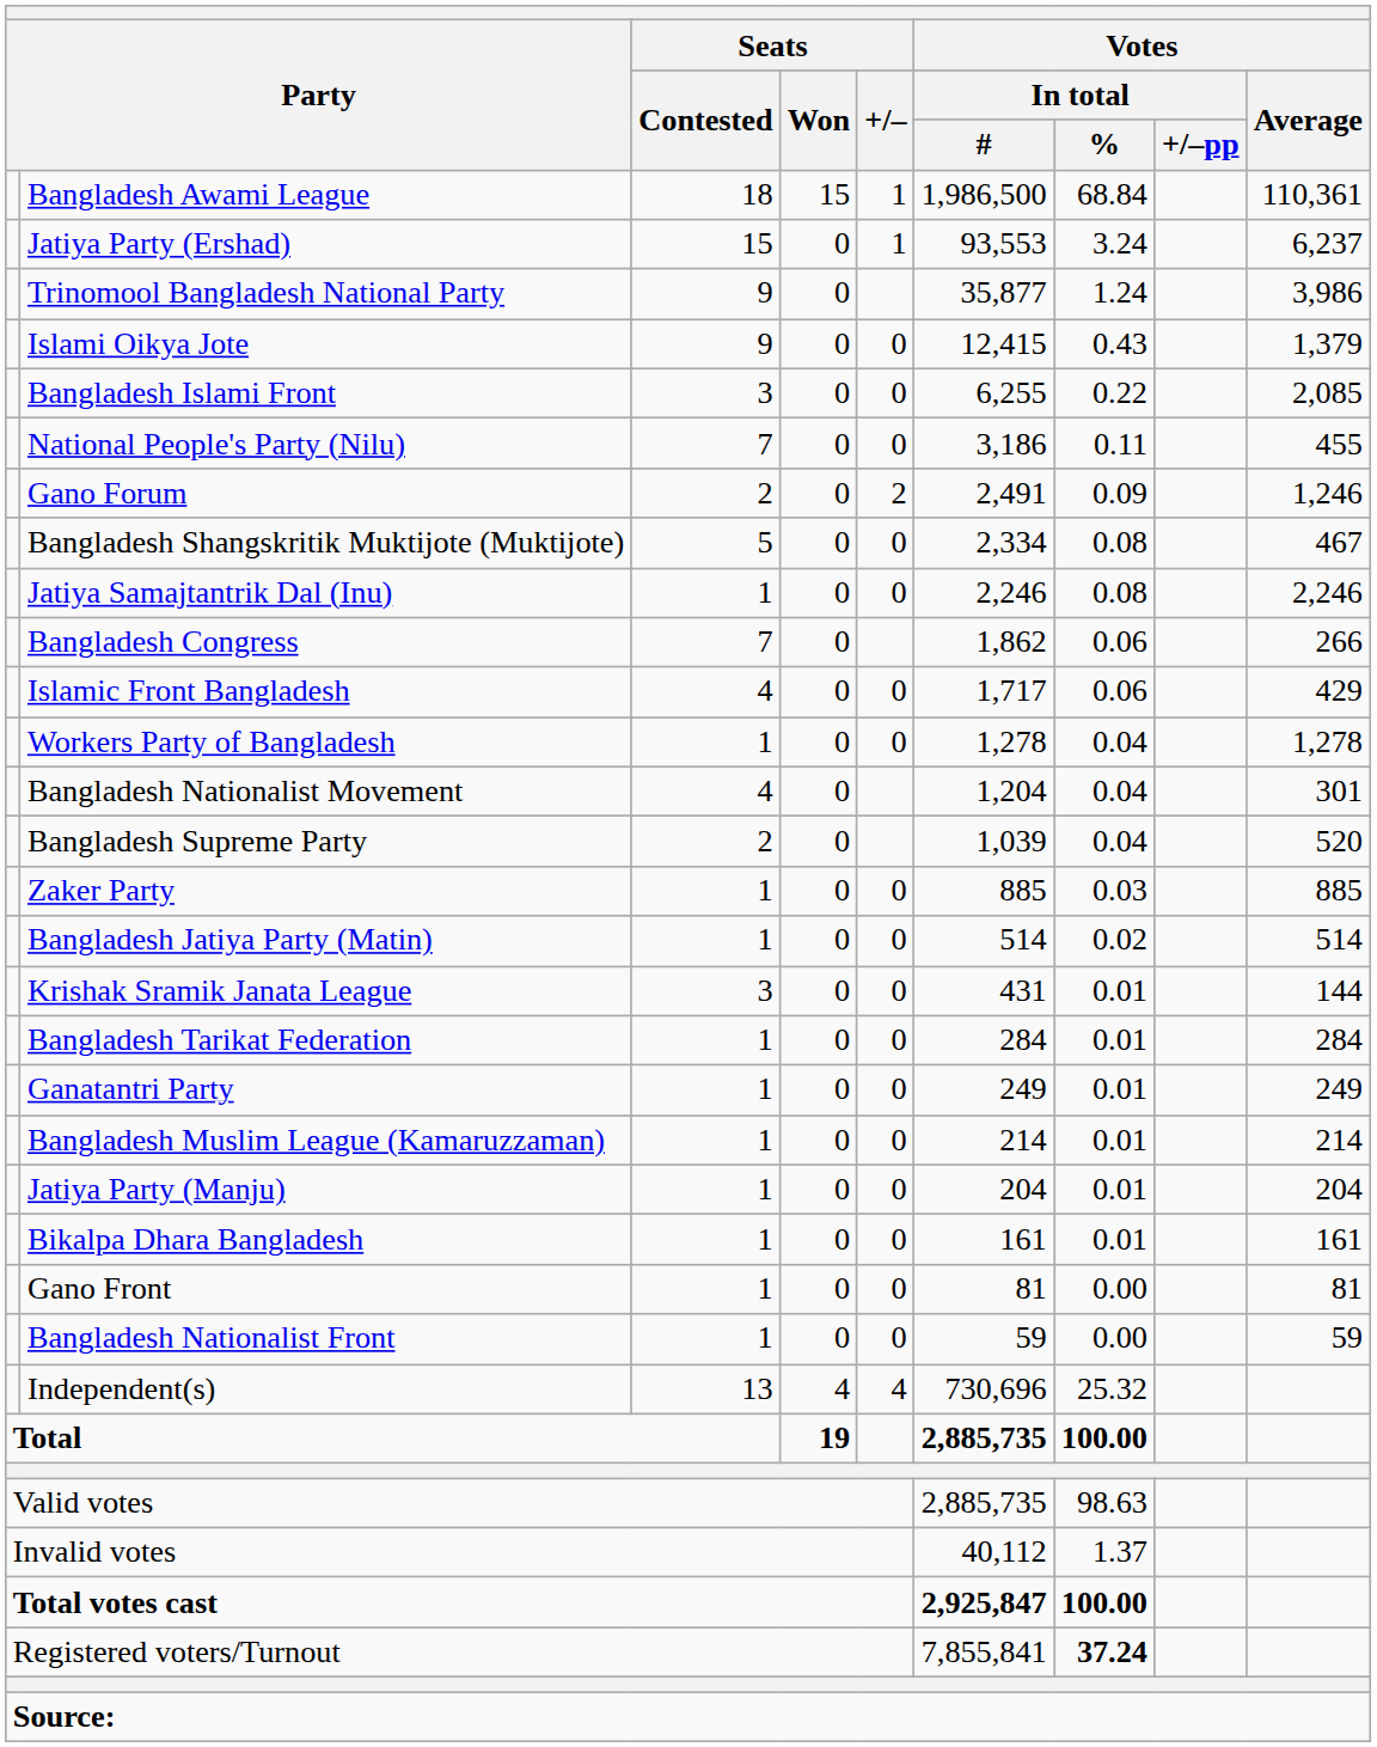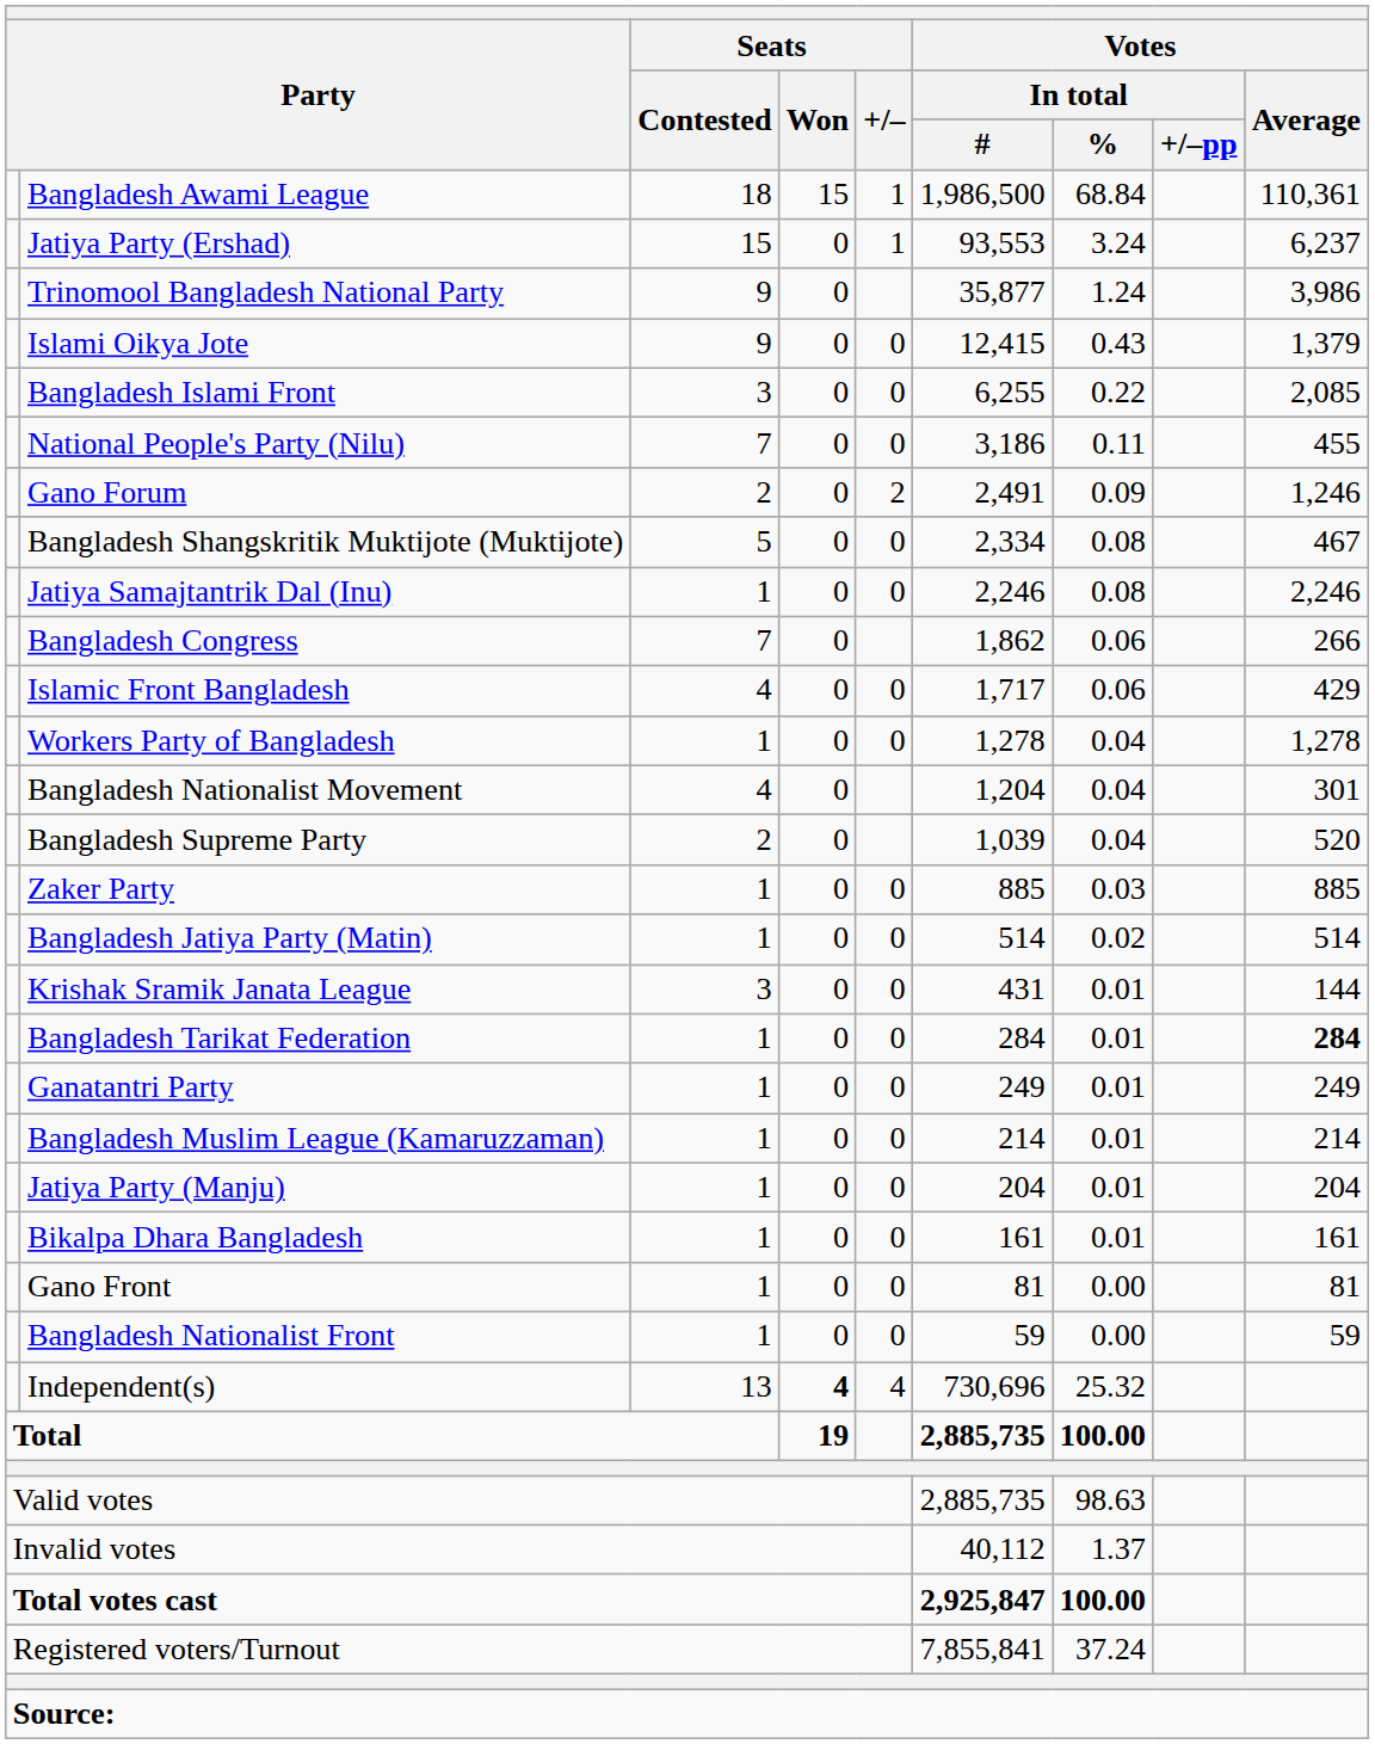 <table class="wikitable sortable">
 <tr>
 <th colspan="9"></th>
 </tr>
 <tr>
 <th colspan="2" rowspan="3">Party</th>
 <th colspan="3">Seats</th>
 <th colspan="4">Votes</th>
 </tr>
 <tr>
 <th rowspan="2">Contested</th>
 <th rowspan="2">Won</th>
 <th rowspan="2">+/–</th>
 <th colspan="3">In total</th>
 <th rowspan="2">Average</th>
 </tr>
 <tr>
 <th>#</th>
 <th>%</th>
 <th>+/–<a href='#'>pp</a></th>
 </tr>
 <tr>
 <td></td>
 <td><a href='#'>Bangladesh Awami League</a></td>
 <td style="text-align:right">18</td>
 <td style="text-align:right">15</td>
 <td style="text-align:right">1</td>
 <td style="text-align:right">1,986,500</td>
 <td style="text-align:right">68.84</td>
 <td style="text-align:right"></td>
 <td style="text-align:right">110,361</td>
 </tr>
 <tr>
 <td></td>
 <td><a href='#'>Jatiya Party (Ershad)</a></td>
 <td style="text-align:right">15</td>
 <td style="text-align:right">0</td>
 <td style="text-align:right">1</td>
 <td style="text-align:right">93,553</td>
 <td style="text-align:right">3.24</td>
 <td style="text-align:right"></td>
 <td style="text-align:right">6,237</td>
 </tr>
 <tr>
 <td></td>
 <td><a href='#'>Trinomool Bangladesh National Party</a></td>
 <td style="text-align:right">9</td>
 <td style="text-align:right">0</td>
 <td style="text-align:right"></td>
 <td style="text-align:right">35,877</td>
 <td style="text-align:right">1.24</td>
 <td style="text-align:right"></td>
 <td style="text-align:right">3,986</td>
 </tr>
 <tr>
 <td></td>
 <td><a href='#'>Islami Oikya Jote</a></td>
 <td style="text-align:right">9</td>
 <td style="text-align:right">0</td>
 <td style="text-align:right">0</td>
 <td style="text-align:right">12,415</td>
 <td style="text-align:right">0.43</td>
 <td style="text-align:right"></td>
 <td style="text-align:right">1,379</td>
 </tr>
 <tr>
 <td></td>
 <td><a href='#'>Bangladesh Islami Front</a></td>
 <td style="text-align:right">3</td>
 <td style="text-align:right">0</td>
 <td style="text-align:right">0</td>
 <td style="text-align:right">6,255</td>
 <td style="text-align:right">0.22</td>
 <td style="text-align:right"></td>
 <td style="text-align:right">2,085</td>
 </tr>
 <tr>
 <td></td>
 <td><a href='#'>National People's Party (Nilu)</a></td>
 <td style="text-align:right">7</td>
 <td style="text-align:right">0</td>
 <td style="text-align:right">0</td>
 <td style="text-align:right">3,186</td>
 <td style="text-align:right">0.11</td>
 <td style="text-align:right"></td>
 <td style="text-align:right">455</td>
 </tr>
 <tr>
 <td></td>
 <td><a href='#'>Gano Forum</a></td>
 <td style="text-align:right">2</td>
 <td style="text-align:right">0</td>
 <td style="text-align:right">2</td>
 <td style="text-align:right">2,491</td>
 <td style="text-align:right">0.09</td>
 <td style="text-align:right"></td>
 <td style="text-align:right">1,246</td>
 </tr>
 <tr>
 <td></td>
 <td>Bangladesh Shangskritik Muktijote (Muktijote)</td>
 <td style="text-align:right">5</td>
 <td style="text-align:right">0</td>
 <td style="text-align:right">0</td>
 <td style="text-align:right">2,334</td>
 <td style="text-align:right">0.08</td>
 <td style="text-align:right"></td>
 <td style="text-align:right">467</td>
 </tr>
 <tr>
 <td></td>
 <td><a href='#'>Jatiya Samajtantrik Dal (Inu)</a></td>
 <td style="text-align:right">1</td>
 <td style="text-align:right">0</td>
 <td style="text-align:right">0</td>
 <td style="text-align:right">2,246</td>
 <td style="text-align:right">0.08</td>
 <td style="text-align:right"></td>
 <td style="text-align:right">2,246</td>
 </tr>
 <tr>
 <td></td>
 <td><a href='#'>Bangladesh Congress</a></td>
 <td style="text-align:right">7</td>
 <td style="text-align:right">0</td>
 <td style="text-align:right"></td>
 <td style="text-align:right">1,862</td>
 <td style="text-align:right">0.06</td>
 <td style="text-align:right"></td>
 <td style="text-align:right">266</td>
 </tr>
 <tr>
 <td></td>
 <td><a href='#'>Islamic Front Bangladesh</a></td>
 <td style="text-align:right">4</td>
 <td style="text-align:right">0</td>
 <td style="text-align:right">0</td>
 <td style="text-align:right">1,717</td>
 <td style="text-align:right">0.06</td>
 <td style="text-align:right"></td>
 <td style="text-align:right">429</td>
 </tr>
 <tr>
 <td></td>
 <td><a href='#'>Workers Party of Bangladesh</a></td>
 <td style="text-align:right">1</td>
 <td style="text-align:right">0</td>
 <td style="text-align:right">0</td>
 <td style="text-align:right">1,278</td>
 <td style="text-align:right">0.04</td>
 <td style="text-align:right"></td>
 <td style="text-align:right">1,278</td>
 </tr>
 <tr>
 <td></td>
 <td>Bangladesh Nationalist Movement</td>
 <td style="text-align:right">4</td>
 <td style="text-align:right">0</td>
 <td style="text-align:right"></td>
 <td style="text-align:right">1,204</td>
 <td style="text-align:right">0.04</td>
 <td style="text-align:right"></td>
 <td style="text-align:right">301</td>
 </tr>
 <tr>
 <td></td>
 <td>Bangladesh Supreme Party</td>
 <td style="text-align:right">2</td>
 <td style="text-align:right">0</td>
 <td style="text-align:right"></td>
 <td style="text-align:right">1,039</td>
 <td style="text-align:right">0.04</td>
 <td style="text-align:right"></td>
 <td style="text-align:right">520</td>
 </tr>
 <tr>
 <td></td>
 <td><a href='#'>Zaker Party</a></td>
 <td style="text-align:right">1</td>
 <td style="text-align:right">0</td>
 <td style="text-align:right">0</td>
 <td style="text-align:right">885</td>
 <td style="text-align:right">0.03</td>
 <td style="text-align:right"></td>
 <td style="text-align:right">885</td>
 </tr>
 <tr>
 <td></td>
 <td><a href='#'>Bangladesh Jatiya Party (Matin)</a></td>
 <td style="text-align:right">1</td>
 <td style="text-align:right">0</td>
 <td style="text-align:right">0</td>
 <td style="text-align:right">514</td>
 <td style="text-align:right">0.02</td>
 <td style="text-align:right"></td>
 <td style="text-align:right">514</td>
 </tr>
 <tr>
 <td></td>
 <td><a href='#'>Krishak Sramik Janata League</a></td>
 <td style="text-align:right">3</td>
 <td style="text-align:right">0</td>
 <td style="text-align:right">0</td>
 <td style="text-align:right">431</td>
 <td style="text-align:right">0.01</td>
 <td style="text-align:right"></td>
 <td style="text-align:right">144</td>
 </tr>
 <tr>
 <td></td>
 <td><a href='#'>Bangladesh Tarikat Federation</a></td>
 <td style="text-align:right">1</td>
 <td style="text-align:right">0</td>
 <td style="text-align:right">0</td>
 <td style="text-align:right">284</td>
 <td style="text-align:right">0.01</td>
 <td style="text-align:right"></td>
-<td style="text-align:right">284</td>
+<td style="text-align:right"><strong>284</strong></td>
 </tr>
 <tr>
 <td></td>
 <td><a href='#'>Ganatantri Party</a></td>
 <td style="text-align:right">1</td>
 <td style="text-align:right">0</td>
 <td style="text-align:right">0</td>
 <td style="text-align:right">249</td>
 <td style="text-align:right">0.01</td>
 <td style="text-align:right"></td>
 <td style="text-align:right">249</td>
 </tr>
 <tr>
 <td></td>
 <td><a href='#'>Bangladesh Muslim League (Kamaruzzaman)</a></td>
 <td style="text-align:right">1</td>
 <td style="text-align:right">0</td>
 <td style="text-align:right">0</td>
 <td style="text-align:right">214</td>
 <td style="text-align:right">0.01</td>
 <td style="text-align:right"></td>
 <td style="text-align:right">214</td>
 </tr>
 <tr>
 <td></td>
 <td><a href='#'>Jatiya Party (Manju)</a></td>
 <td style="text-align:right">1</td>
 <td style="text-align:right">0</td>
 <td style="text-align:right">0</td>
 <td style="text-align:right">204</td>
 <td style="text-align:right">0.01</td>
 <td style="text-align:right"></td>
 <td style="text-align:right">204</td>
 </tr>
 <tr>
 <td></td>
 <td><a href='#'>Bikalpa Dhara Bangladesh</a></td>
 <td style="text-align:right">1</td>
 <td style="text-align:right">0</td>
 <td style="text-align:right">0</td>
 <td style="text-align:right">161</td>
 <td style="text-align:right">0.01</td>
 <td style="text-align:right"></td>
 <td style="text-align:right">161</td>
 </tr>
 <tr>
 <td></td>
 <td>Gano Front</td>
 <td style="text-align:right">1</td>
 <td style="text-align:right">0</td>
 <td style="text-align:right">0</td>
 <td style="text-align:right">81</td>
 <td style="text-align:right">0.00</td>
 <td style="text-align:right"></td>
 <td style="text-align:right">81</td>
 </tr>
 <tr>
 <td></td>
 <td><a href='#'>Bangladesh Nationalist Front</a></td>
 <td style="text-align:right">1</td>
 <td style="text-align:right">0</td>
 <td style="text-align:right">0</td>
 <td style="text-align:right">59</td>
 <td style="text-align:right">0.00</td>
 <td style="text-align:right"></td>
 <td style="text-align:right">59</td>
 </tr>
 <tr>
 <td></td>
 <td>Independent(s)</td>
 <td style="text-align:right">13</td>
-<td style="text-align:right">4</td>
+<td style="text-align:right"><strong>4</strong></td>
 <td style="text-align:right">4</td>
 <td style="text-align:right">730,696</td>
 <td style="text-align:right">25.32</td>
 <td style="text-align:right"></td>
 <td style="text-align:right"></td>
 </tr>
 <tr>
 <td colspan="3"><strong>Total</strong></td>
 <td style="text-align:right"><strong>19</strong></td>
 <td style="text-align:right"></td>
 <td style="text-align:right"><strong>2,885,735</strong></td>
 <td style="text-align:right"><strong>100.00</strong></td>
 <td style="text-align:right"></td>
 <td style="text-align:right"></td>
 </tr>
 <tr>
 <th colspan="9"></th>
 </tr>
 <tr>
 <td colspan="5">Valid votes</td>
 <td style="text-align:right">2,885,735</td>
 <td style="text-align:right">98.63</td>
 <td></td>
 <td></td>
 </tr>
 <tr>
 <td colspan="5">Invalid votes</td>
 <td style="text-align:right">40,112</td>
 <td style="text-align:right">1.37</td>
 <td></td>
 <td></td>
 </tr>
 <tr>
 <td colspan="5"><strong>Total votes cast</strong></td>
 <td style="text-align:right"><strong>2,925,847</strong></td>
 <td style="text-align:right"><strong>100.00</strong></td>
 <td></td>
 <td></td>
 </tr>
 <tr>
 <td colspan="5">Registered voters/Turnout</td>
 <td style="text-align:right">7,855,841</td>
-<td style="text-align:right"><strong>37.24</strong></td>
+<td style="text-align:right">37.24</td>
 <td></td>
 <td></td>
 </tr>
 <tr>
 <th colspan="9"></th>
 </tr>
 <tr>
 <td colspan="9"><strong>Source:</strong> </td>
 </tr>
 </table>
